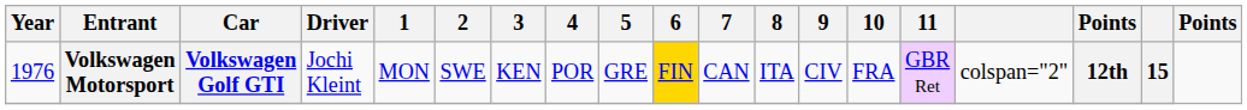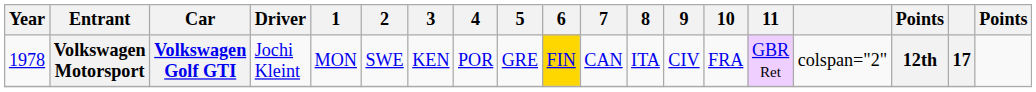 <table class="wikitable" style="text-align:center; font-size:90%">
 <tr>
 <th>Year</th>
 <th>Entrant</th>
 <th>Car</th>
 <th>Driver</th>
 <th>1</th>
 <th>2</th>
 <th>3</th>
 <th>4</th>
 <th>5</th>
 <th>6</th>
 <th>7</th>
 <th>8</th>
 <th>9</th>
 <th>10</th>
 <th>11</th>
 <th></th>
 <th>Points</th>
 <th></th>
 <th>Points</th>
 </tr>
 <tr>
-<td><a href='#'>1976</a></td>
+<td><a href='#'>1978</a></td>
 <th>Volkswagen Motorsport</th>
 <th><a href='#'>Volkswagen Golf GTI</a></th>
 <td align="left"> <a href='#'>Jochi Kleint</a></td>
 <td><a href='#'>MON</a></td>
 <td><a href='#'>SWE</a></td>
 <td><a href='#'>KEN</a></td>
 <td><a href='#'>POR</a></td>
 <td><a href='#'>GRE</a></td>
 <td style="background: gold;"><a href='#'>FIN</a></td>
 <td><a href='#'>CAN</a></td>
 <td><a href='#'>ITA</a></td>
 <td><a href='#'>CIV</a></td>
 <td><a href='#'>FRA</a></td>
 <td style="background:#EFCFFF;"><a href='#'>GBR</a><br><small>Ret</small></td>
 <td>colspan="2" </td>
 <th>12th</th>
-<th>15</th>
+<th>17</th>
 </tr>
 <tr>
 </tr>
 </table>
